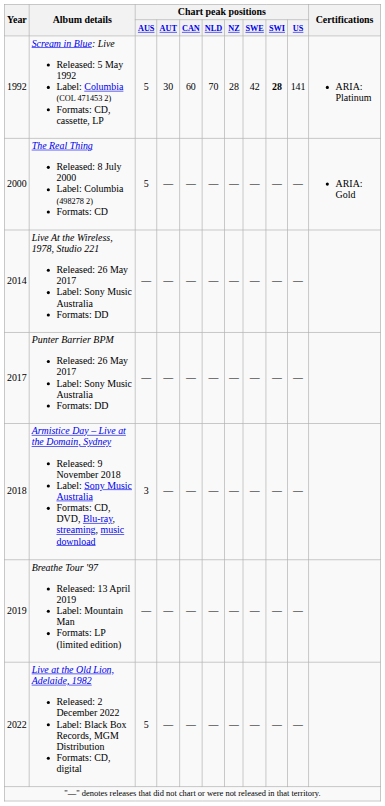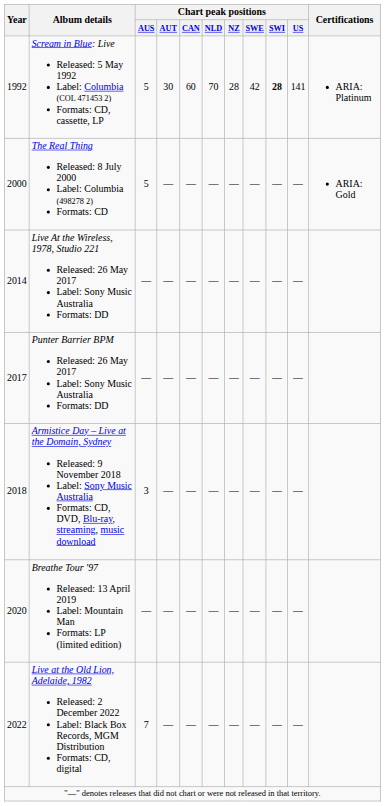 <table class="wikitable" border="1">
 <tr>
 <th rowspan="2" width="35px">Year</th>
 <th width="250px" rowspan="2">Album details</th>
 <th colspan="8">Chart peak positions</th>
 <th rowspan="2" width="130">Certifications</th>
 </tr>
 <tr>
 <th width="30px"><small><a href='#'>AUS</a><br></small></th>
 <th width="30px"><small><a href='#'>AUT</a><br></small></th>
 <th width="30px"><small><a href='#'>CAN</a><br></small></th>
 <th width="30px"><small><a href='#'>NLD</a><br></small></th>
 <th width="30px"><small><a href='#'>NZ</a><br></small></th>
 <th width="30px"><small><a href='#'>SWE</a><br></small></th>
 <th width="30px"><small><a href='#'>SWI</a><br></small></th>
 <th width="30px"><small><a href='#'>US</a><br></small></th>
 </tr>
 <tr>
 <td align="center">1992</td>
 <td><em><a href='#'>Scream in Blue</a>: Live</em><br><ul><li>Released: 5 May 1992</li><li>Label: <a href='#'>Columbia</a> <small>(COL 471453 2)</small></li><li>Formats: CD, cassette, LP</li></ul></td>
 <td align="center">5</td>
 <td align="center">30</td>
 <td align="center">60</td>
 <td align="center">70</td>
 <td align="center">28</td>
 <td align="center">42</td>
 <td align="center"><strong>28</strong></td>
 <td align="center">141</td>
 <td><br><ul><li>ARIA: Platinum</li></ul></td>
 </tr>
 <tr>
 <td align="center">2000</td>
 <td><em><a href='#'>The Real Thing</a></em><br><ul><li>Released: 8 July 2000</li><li>Label: Columbia <small>(498278 2)</small></li><li>Formats: CD</li></ul></td>
 <td align="center">5</td>
 <td align="center">—</td>
 <td align="center">—</td>
 <td align="center">—</td>
 <td align="center">—</td>
 <td align="center">—</td>
 <td align="center">—</td>
 <td align="center">—</td>
 <td><br><ul><li>ARIA: Gold</li></ul></td>
 </tr>
 <tr>
 <td align="center">2014</td>
 <td><em>Live At the Wireless, 1978, Studio 221</em><br><ul><li>Released: 26 May 2017</li><li>Label: Sony Music Australia</li><li>Formats: DD</li></ul></td>
 <td align="center">—</td>
 <td align="center">—</td>
 <td align="center">—</td>
 <td align="center">—</td>
 <td align="center">—</td>
 <td align="center">—</td>
 <td align="center">—</td>
 <td align="center">—</td>
 <td></td>
 </tr>
 <tr>
 <td align="center">2017</td>
 <td><em>Punter Barrier BPM</em><br><ul><li>Released: 26 May 2017</li><li>Label: Sony Music Australia</li><li>Formats: DD</li></ul></td>
 <td align="center">—</td>
 <td align="center">—</td>
 <td align="center">—</td>
 <td align="center">—</td>
 <td align="center">—</td>
 <td align="center">—</td>
 <td align="center">—</td>
 <td align="center">—</td>
 <td></td>
 </tr>
 <tr>
 <td align="center">2018</td>
 <td><em><a href='#'>Armistice Day – Live at the Domain, Sydney</a></em><br><ul><li>Released: 9 November 2018</li><li>Label: <a href='#'>Sony Music Australia</a></li><li>Formats: CD, DVD, <a href='#'>Blu-ray</a>, <a href='#'>streaming</a>, <a href='#'>music download</a></li></ul></td>
 <td align="center">3</td>
 <td align="center">—</td>
 <td align="center">—</td>
 <td align="center">—</td>
 <td align="center">—</td>
 <td align="center">—</td>
 <td align="center">—</td>
 <td align="center">—</td>
 <td></td>
 </tr>
 <tr>
-<td align="center">2019</td>
+<td align="center">2020</td>
 <td><em>Breathe Tour '97</em><br><ul><li>Released: 13 April 2019</li><li>Label: Mountain Man</li><li>Formats: LP (limited edition)</li></ul></td>
 <td align="center">—</td>
 <td align="center">—</td>
 <td align="center">—</td>
 <td align="center">—</td>
 <td align="center">—</td>
 <td align="center">—</td>
 <td align="center">—</td>
 <td align="center">—</td>
 <td></td>
 </tr>
 <tr>
 <td align="center">2022</td>
 <td><em><a href='#'>Live at the Old Lion, Adelaide, 1982</a></em><br><ul><li>Released: 2 December 2022</li><li>Label: Black Box Records, MGM Distribution</li><li>Formats: CD, digital</li></ul></td>
-<td align="center">5</td>
+<td align="center">7</td>
 <td align="center">—</td>
 <td align="center">—</td>
 <td align="center">—</td>
 <td align="center">—</td>
 <td align="center">—</td>
 <td align="center">—</td>
 <td align="center">—</td>
 <td></td>
 </tr>
 <tr>
 <td align="center" colspan="11" style="font-size: 85%">"—" denotes releases that did not chart or were not released in that territory.</td>
 </tr>
 </table>
